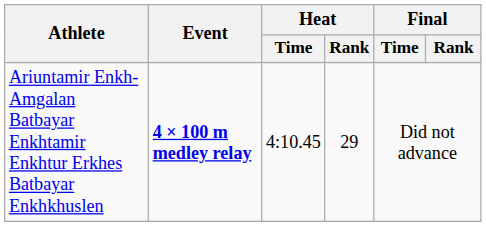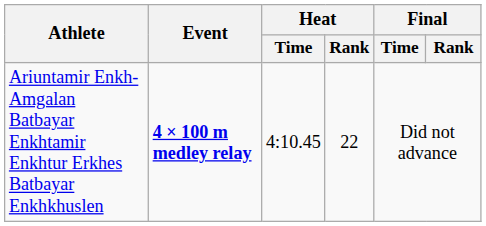 <table class="wikitable" style="text-align:center; font-size:90%; width:30%;">
 <tr>
 <th rowspan="2">Athlete</th>
 <th rowspan="2">Event</th>
 <th colspan="2">Heat</th>
 <th colspan="2">Final</th>
 </tr>
 <tr style="font-size:95%">
 <th>Time</th>
 <th>Rank</th>
 <th>Time</th>
 <th>Rank</th>
 </tr>
 <tr>
 <td align=left><a href='#'>Ariuntamir Enkh-Amgalan</a><br><a href='#'>Batbayar Enkhtamir</a> <br><a href='#'>Enkhtur Erkhes</a> <br><a href='#'>Batbayar Enkhkhuslen</a></td>
 <td align=left><strong><a href='#'>4 × 100 m medley relay</a></strong></td>
 <td>4:10.45</td>
-<td>29</td>
+<td>22</td>
 <td colspan="2">Did not advance</td>
 </tr>
 </table>
